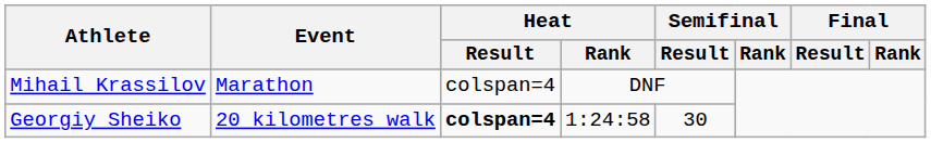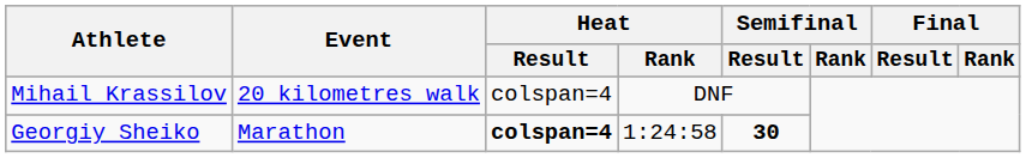 <table class="wikitable" style="font-size:90%">
 <tr>
 <th rowspan="2">Athlete</th>
 <th rowspan="2">Event</th>
 <th colspan="2">Heat</th>
 <th colspan="2">Semifinal</th>
 <th colspan="2">Final</th>
 </tr>
 <tr style="font-size:95%">
 <th>Result</th>
 <th>Rank</th>
 <th>Result</th>
 <th>Rank</th>
 <th>Result</th>
 <th>Rank</th>
 </tr>
 <tr style=text-align:center>
 <td style=text-align:left><a href='#'>Mihail Krassilov</a></td>
-<td style=text-align:left><a href='#'>Marathon</a></td>
+<td style=text-align:left><a href='#'>20 kilometres walk</a></td>
 <td>colspan=4 </td>
 <td colspan=2>DNF</td>
 </tr>
 <tr style=text-align:center>
 <td style=text-align:left><a href='#'>Georgiy Sheiko</a></td>
-<td style=text-align:left><a href='#'>20 kilometres walk</a></td>
+<td style=text-align:left><a href='#'>Marathon</a></td>
 <td><strong>colspan=4 </strong></td>
 <td>1:24:58</td>
-<td>30</td>
+<td><strong>30</strong></td>
 </tr>
 </table>
